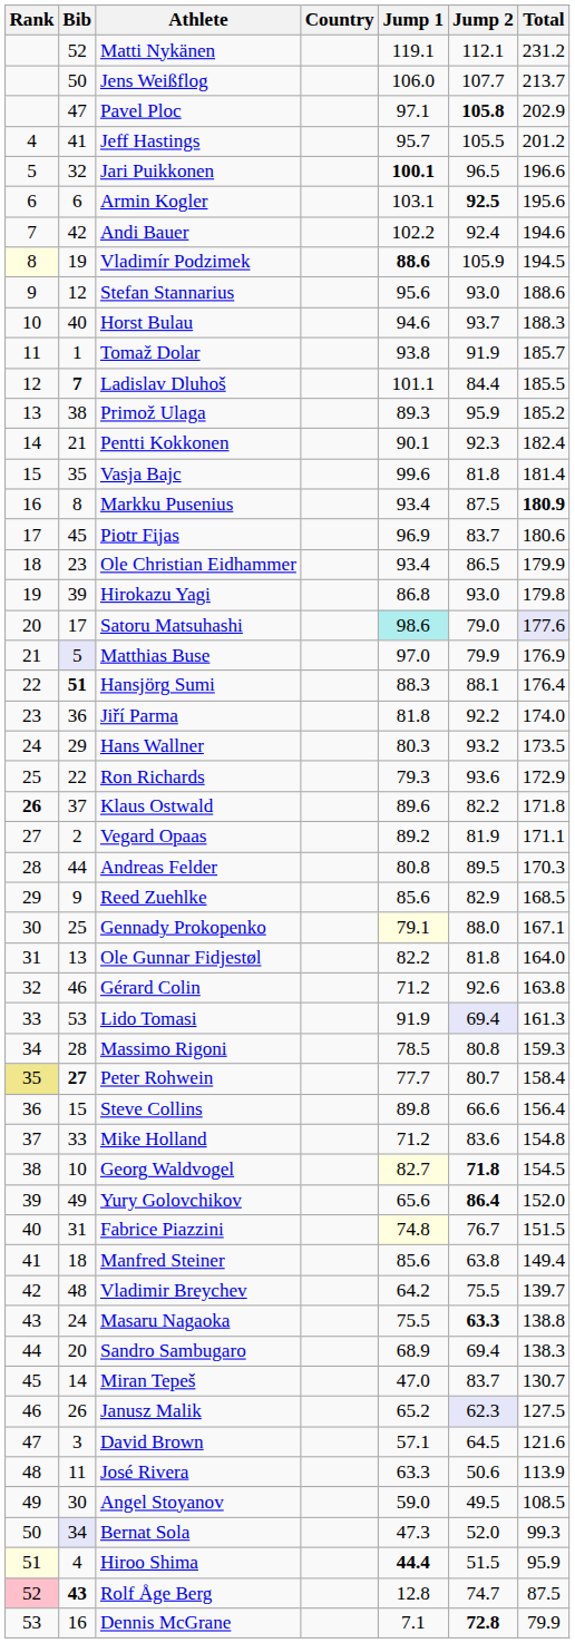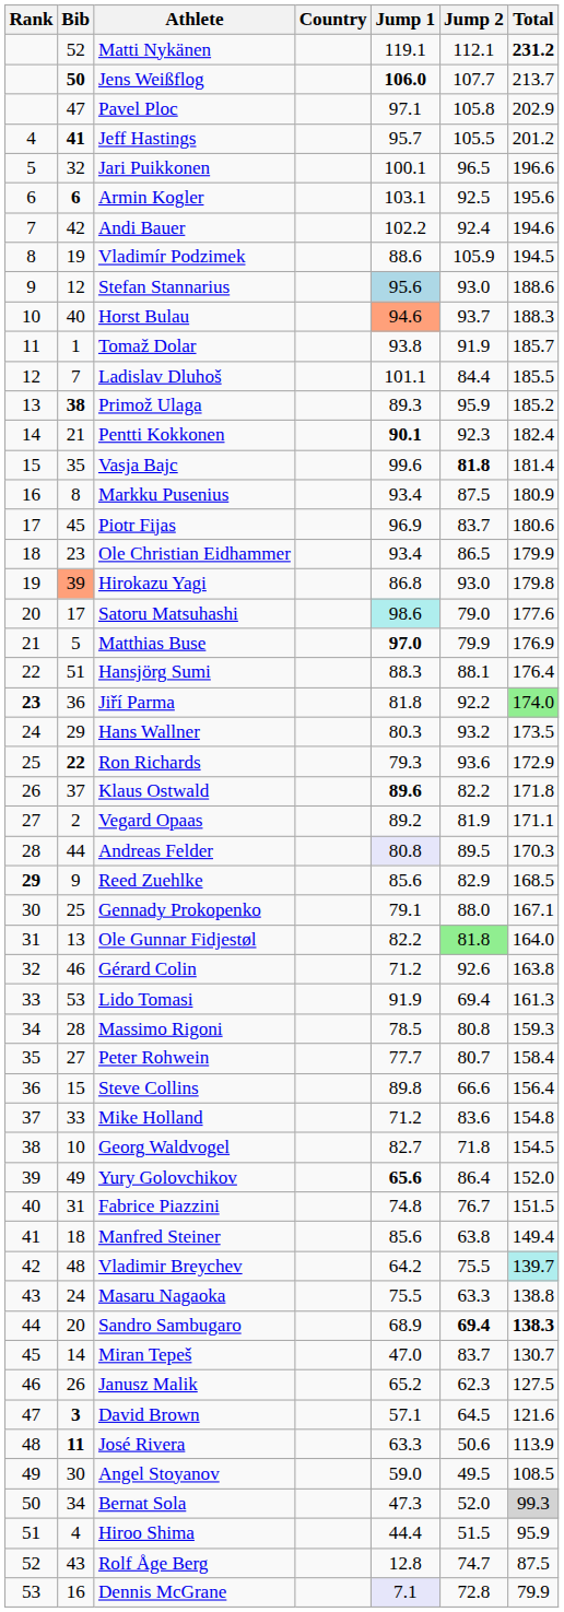 <table class="wikitable sortable" style="text-align:center">
 <tr>
 <th>Rank</th>
 <th>Bib</th>
 <th>Athlete</th>
 <th>Country</th>
 <th>Jump 1</th>
 <th>Jump 2</th>
 <th>Total</th>
 </tr>
 <tr>
 <td></td>
 <td>52</td>
 <td align=left><a href='#'>Matti Nykänen</a></td>
 <td align=left></td>
 <td>119.1</td>
 <td>112.1</td>
-<td>231.2</td>
+<td><strong>231.2</strong></td>
 </tr>
 <tr>
 <td></td>
-<td>50</td>
+<td><strong>50</strong></td>
 <td align=left><a href='#'>Jens Weißflog</a></td>
 <td align=left></td>
-<td>106.0</td>
+<td><strong>106.0</strong></td>
 <td>107.7</td>
 <td>213.7</td>
 </tr>
 <tr>
 <td></td>
 <td>47</td>
 <td align=left><a href='#'>Pavel Ploc</a></td>
 <td align=left></td>
 <td>97.1</td>
-<td><strong>105.8</strong></td>
+<td>105.8</td>
 <td>202.9</td>
 </tr>
 <tr>
 <td>4</td>
-<td>41</td>
+<td><strong>41</strong></td>
 <td align=left><a href='#'>Jeff Hastings</a></td>
 <td align=left></td>
 <td>95.7</td>
 <td>105.5</td>
 <td>201.2</td>
 </tr>
 <tr>
 <td>5</td>
 <td>32</td>
 <td align=left><a href='#'>Jari Puikkonen</a></td>
 <td align=left></td>
-<td><strong>100.1</strong></td>
+<td>100.1</td>
 <td>96.5</td>
 <td>196.6</td>
 </tr>
 <tr>
 <td>6</td>
-<td>6</td>
+<td><strong>6</strong></td>
 <td align=left><a href='#'>Armin Kogler</a></td>
 <td align=left></td>
 <td>103.1</td>
-<td><strong>92.5</strong></td>
+<td>92.5</td>
 <td>195.6</td>
 </tr>
 <tr>
 <td>7</td>
 <td>42</td>
 <td align=left><a href='#'>Andi Bauer</a></td>
 <td align=left></td>
 <td>102.2</td>
 <td>92.4</td>
 <td>194.6</td>
 </tr>
 <tr>
-<td style="background: lightyellow;">8</td>
+<td>8</td>
 <td>19</td>
 <td align=left><a href='#'>Vladimír Podzimek</a></td>
 <td align=left></td>
-<td><strong>88.6</strong></td>
+<td>88.6</td>
 <td>105.9</td>
 <td>194.5</td>
 </tr>
 <tr>
 <td>9</td>
 <td>12</td>
 <td align=left><a href='#'>Stefan Stannarius</a></td>
 <td align=left></td>
-<td>95.6</td>
+<td style="background: lightblue;">95.6</td>
 <td>93.0</td>
 <td>188.6</td>
 </tr>
 <tr>
 <td>10</td>
 <td>40</td>
 <td align=left><a href='#'>Horst Bulau</a></td>
 <td align=left></td>
-<td>94.6</td>
+<td style="background: lightsalmon;">94.6</td>
 <td>93.7</td>
 <td>188.3</td>
 </tr>
 <tr>
 <td>11</td>
 <td>1</td>
 <td align=left><a href='#'>Tomaž Dolar</a></td>
 <td align=left></td>
 <td>93.8</td>
 <td>91.9</td>
 <td>185.7</td>
 </tr>
 <tr>
 <td>12</td>
-<td><strong>7</strong></td>
+<td>7</td>
 <td align=left><a href='#'>Ladislav Dluhoš</a></td>
 <td align=left></td>
 <td>101.1</td>
 <td>84.4</td>
 <td>185.5</td>
 </tr>
 <tr>
 <td>13</td>
-<td>38</td>
+<td><strong>38</strong></td>
 <td align=left><a href='#'>Primož Ulaga</a></td>
 <td align=left></td>
 <td>89.3</td>
 <td>95.9</td>
 <td>185.2</td>
 </tr>
 <tr>
 <td>14</td>
 <td>21</td>
 <td align=left><a href='#'>Pentti Kokkonen</a></td>
 <td align=left></td>
-<td>90.1</td>
+<td><strong>90.1</strong></td>
 <td>92.3</td>
 <td>182.4</td>
 </tr>
 <tr>
 <td>15</td>
 <td>35</td>
 <td align=left><a href='#'>Vasja Bajc</a></td>
 <td align=left></td>
 <td>99.6</td>
-<td>81.8</td>
+<td><strong>81.8</strong></td>
 <td>181.4</td>
 </tr>
 <tr>
 <td>16</td>
 <td>8</td>
 <td align=left><a href='#'>Markku Pusenius</a></td>
 <td align=left></td>
 <td>93.4</td>
 <td>87.5</td>
-<td><strong>180.9</strong></td>
+<td>180.9</td>
 </tr>
 <tr>
 <td>17</td>
 <td>45</td>
 <td align=left><a href='#'>Piotr Fijas</a></td>
 <td align=left></td>
 <td>96.9</td>
 <td>83.7</td>
 <td>180.6</td>
 </tr>
 <tr>
 <td>18</td>
 <td>23</td>
 <td align=left><a href='#'>Ole Christian Eidhammer</a></td>
 <td align=left></td>
 <td>93.4</td>
 <td>86.5</td>
 <td>179.9</td>
 </tr>
 <tr>
 <td>19</td>
-<td>39</td>
+<td style="background: lightsalmon;">39</td>
 <td align=left><a href='#'>Hirokazu Yagi</a></td>
 <td align=left></td>
 <td>86.8</td>
 <td>93.0</td>
 <td>179.8</td>
 </tr>
 <tr>
 <td>20</td>
 <td>17</td>
 <td align=left><a href='#'>Satoru Matsuhashi</a></td>
 <td align=left></td>
 <td style="background: paleturquoise;">98.6</td>
 <td>79.0</td>
-<td style="background: lavender;">177.6</td>
+<td>177.6</td>
 </tr>
 <tr>
 <td>21</td>
-<td style="background: lavender;">5</td>
+<td>5</td>
 <td align=left><a href='#'>Matthias Buse</a></td>
 <td align=left></td>
-<td>97.0</td>
+<td><strong>97.0</strong></td>
 <td>79.9</td>
 <td>176.9</td>
 </tr>
 <tr>
 <td>22</td>
-<td><strong>51</strong></td>
+<td>51</td>
 <td align=left><a href='#'>Hansjörg Sumi</a></td>
 <td align=left></td>
 <td>88.3</td>
 <td>88.1</td>
 <td>176.4</td>
 </tr>
 <tr>
-<td>23</td>
+<td><strong>23</strong></td>
 <td>36</td>
 <td align=left><a href='#'>Jiří Parma</a></td>
 <td align=left></td>
 <td>81.8</td>
 <td>92.2</td>
-<td>174.0</td>
+<td style="background: lightgreen;">174.0</td>
 </tr>
 <tr>
 <td>24</td>
 <td>29</td>
 <td align=left><a href='#'>Hans Wallner</a></td>
 <td align=left></td>
 <td>80.3</td>
 <td>93.2</td>
 <td>173.5</td>
 </tr>
 <tr>
 <td>25</td>
-<td>22</td>
+<td><strong>22</strong></td>
 <td align=left><a href='#'>Ron Richards</a></td>
 <td align=left></td>
 <td>79.3</td>
 <td>93.6</td>
 <td>172.9</td>
 </tr>
 <tr>
-<td><strong>26</strong></td>
+<td>26</td>
 <td>37</td>
 <td align=left><a href='#'>Klaus Ostwald</a></td>
 <td align=left></td>
-<td>89.6</td>
+<td><strong>89.6</strong></td>
 <td>82.2</td>
 <td>171.8</td>
 </tr>
 <tr>
 <td>27</td>
 <td>2</td>
 <td align=left><a href='#'>Vegard Opaas</a></td>
 <td align=left></td>
 <td>89.2</td>
 <td>81.9</td>
 <td>171.1</td>
 </tr>
 <tr>
 <td>28</td>
 <td>44</td>
 <td align=left><a href='#'>Andreas Felder</a></td>
 <td align=left></td>
-<td>80.8</td>
+<td style="background: lavender;">80.8</td>
 <td>89.5</td>
 <td>170.3</td>
 </tr>
 <tr>
-<td>29</td>
+<td><strong>29</strong></td>
 <td>9</td>
 <td align=left><a href='#'>Reed Zuehlke</a></td>
 <td align=left></td>
 <td>85.6</td>
 <td>82.9</td>
 <td>168.5</td>
 </tr>
 <tr>
 <td>30</td>
 <td>25</td>
 <td align=left><a href='#'>Gennady Prokopenko</a></td>
 <td align=left></td>
-<td style="background: lightyellow;">79.1</td>
+<td>79.1</td>
 <td>88.0</td>
 <td>167.1</td>
 </tr>
 <tr>
 <td>31</td>
 <td>13</td>
 <td align=left><a href='#'>Ole Gunnar Fidjestøl</a></td>
 <td align=left></td>
 <td>82.2</td>
-<td>81.8</td>
+<td style="background: lightgreen;">81.8</td>
 <td>164.0</td>
 </tr>
 <tr>
 <td>32</td>
 <td>46</td>
 <td align=left><a href='#'>Gérard Colin</a></td>
 <td align=left></td>
 <td>71.2</td>
 <td>92.6</td>
 <td>163.8</td>
 </tr>
 <tr>
 <td>33</td>
 <td>53</td>
 <td align=left><a href='#'>Lido Tomasi</a></td>
 <td align=left></td>
 <td>91.9</td>
-<td style="background: lavender;">69.4</td>
+<td>69.4</td>
 <td>161.3</td>
 </tr>
 <tr>
 <td>34</td>
 <td>28</td>
 <td align=left><a href='#'>Massimo Rigoni</a></td>
 <td align=left></td>
 <td>78.5</td>
 <td>80.8</td>
 <td>159.3</td>
 </tr>
 <tr>
-<td style="background: khaki;">35</td>
-<td><strong>27</strong></td>
+<td>35</td>
+<td>27</td>
 <td align=left><a href='#'>Peter Rohwein</a></td>
 <td align=left></td>
 <td>77.7</td>
 <td>80.7</td>
 <td>158.4</td>
 </tr>
 <tr>
 <td>36</td>
 <td>15</td>
 <td align=left><a href='#'>Steve Collins</a></td>
 <td align=left></td>
 <td>89.8</td>
 <td>66.6</td>
 <td>156.4</td>
 </tr>
 <tr>
 <td>37</td>
 <td>33</td>
 <td align=left><a href='#'>Mike Holland</a></td>
 <td align=left></td>
 <td>71.2</td>
 <td>83.6</td>
 <td>154.8</td>
 </tr>
 <tr>
 <td>38</td>
 <td>10</td>
 <td align=left><a href='#'>Georg Waldvogel</a></td>
 <td align=left></td>
-<td style="background: lightyellow;">82.7</td>
-<td><strong>71.8</strong></td>
+<td>82.7</td>
+<td>71.8</td>
 <td>154.5</td>
 </tr>
 <tr>
 <td>39</td>
 <td>49</td>
 <td align=left><a href='#'>Yury Golovchikov</a></td>
 <td align=left></td>
-<td>65.6</td>
-<td><strong>86.4</strong></td>
+<td><strong>65.6</strong></td>
+<td>86.4</td>
 <td>152.0</td>
 </tr>
 <tr>
 <td>40</td>
 <td>31</td>
 <td align=left><a href='#'>Fabrice Piazzini</a></td>
 <td align=left></td>
-<td style="background: lightyellow;">74.8</td>
+<td>74.8</td>
 <td>76.7</td>
 <td>151.5</td>
 </tr>
 <tr>
 <td>41</td>
 <td>18</td>
 <td align=left><a href='#'>Manfred Steiner</a></td>
 <td align=left></td>
 <td>85.6</td>
 <td>63.8</td>
 <td>149.4</td>
 </tr>
 <tr>
 <td>42</td>
 <td>48</td>
 <td align=left><a href='#'>Vladimir Breychev</a></td>
 <td align=left></td>
 <td>64.2</td>
 <td>75.5</td>
-<td>139.7</td>
+<td style="background: paleturquoise;">139.7</td>
 </tr>
 <tr>
 <td>43</td>
 <td>24</td>
 <td align=left><a href='#'>Masaru Nagaoka</a></td>
 <td align=left></td>
 <td>75.5</td>
-<td><strong>63.3</strong></td>
+<td>63.3</td>
 <td>138.8</td>
 </tr>
 <tr>
 <td>44</td>
 <td>20</td>
 <td align=left><a href='#'>Sandro Sambugaro</a></td>
 <td align=left></td>
 <td>68.9</td>
-<td>69.4</td>
-<td>138.3</td>
+<td><strong>69.4</strong></td>
+<td><strong>138.3</strong></td>
 </tr>
 <tr>
 <td>45</td>
 <td>14</td>
 <td align=left><a href='#'>Miran Tepeš</a></td>
 <td align=left></td>
 <td>47.0</td>
 <td>83.7</td>
 <td>130.7</td>
 </tr>
 <tr>
 <td>46</td>
 <td>26</td>
 <td align=left><a href='#'>Janusz Malik</a></td>
 <td align=left></td>
 <td>65.2</td>
-<td style="background: lavender;">62.3</td>
+<td>62.3</td>
 <td>127.5</td>
 </tr>
 <tr>
 <td>47</td>
-<td>3</td>
+<td><strong>3</strong></td>
 <td align=left><a href='#'>David Brown</a></td>
 <td align=left></td>
 <td>57.1</td>
 <td>64.5</td>
 <td>121.6</td>
 </tr>
 <tr>
 <td>48</td>
-<td>11</td>
+<td><strong>11</strong></td>
 <td align=left><a href='#'>José Rivera</a></td>
 <td align=left></td>
 <td>63.3</td>
 <td>50.6</td>
 <td>113.9</td>
 </tr>
 <tr>
 <td>49</td>
 <td>30</td>
 <td align=left><a href='#'>Angel Stoyanov</a></td>
 <td align=left></td>
 <td>59.0</td>
 <td>49.5</td>
 <td>108.5</td>
 </tr>
 <tr>
 <td>50</td>
-<td style="background: lavender;">34</td>
+<td>34</td>
 <td align=left><a href='#'>Bernat Sola</a></td>
 <td align=left></td>
 <td>47.3</td>
 <td>52.0</td>
-<td>99.3</td>
+<td style="background: lightgrey;">99.3</td>
 </tr>
 <tr>
-<td style="background: lightyellow;">51</td>
+<td>51</td>
 <td>4</td>
 <td align=left><a href='#'>Hiroo Shima</a></td>
 <td align=left></td>
-<td><strong>44.4</strong></td>
+<td>44.4</td>
 <td>51.5</td>
 <td>95.9</td>
 </tr>
 <tr>
-<td style="background: pink;">52</td>
-<td><strong>43</strong></td>
+<td>52</td>
+<td>43</td>
 <td align=left><a href='#'>Rolf Åge Berg</a></td>
 <td align=left></td>
 <td>12.8</td>
 <td>74.7</td>
 <td>87.5</td>
 </tr>
 <tr>
 <td>53</td>
 <td>16</td>
 <td align=left><a href='#'>Dennis McGrane</a></td>
 <td align=left></td>
-<td>7.1</td>
-<td><strong>72.8</strong></td>
+<td style="background: lavender;">7.1</td>
+<td>72.8</td>
 <td>79.9</td>
 </tr>
 </table>
